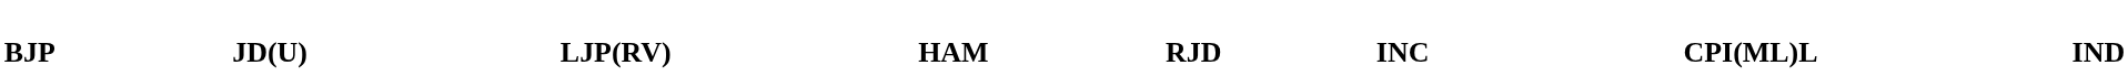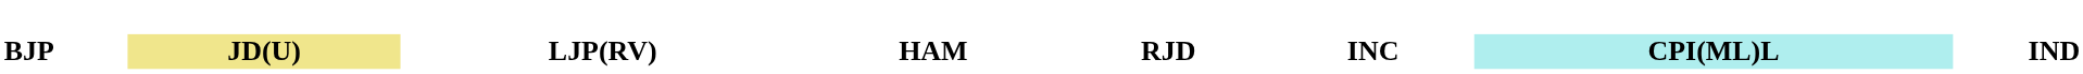 <table style="width:100%; text-align:center;">
 <tr style="color:white;">
 <td style="background:"><strong>12</strong></td>
 <td style="background:"><strong>12</strong></td>
 <td style="background:"><strong>5</strong></td>
 <td style="background:"><span><strong>1</strong></span></td>
 <td style="background:"><strong>4</strong></td>
 <td style="background:"><strong>3</strong></td>
 <td style="background:"><strong>2</strong></td>
 <td style="background:"><span><strong>1</strong></span></td>
 </tr>
 <tr>
 <td><span><strong>BJP</strong></span></td>
-<td><span><strong>JD(U)</strong></span></td>
+<td style="background: khaki;"><span><strong>JD(U)</strong></span></td>
 <td><span><strong>LJP(RV)</strong></span></td>
 <td><span><strong>HAM</strong></span></td>
 <td><span><strong>RJD</strong></span></td>
 <td><span><strong>INC</strong></span></td>
-<td><span><strong>CPI(ML)L</strong></span></td>
+<td style="background: paleturquoise;"><span><strong>CPI(ML)L</strong></span></td>
 <td><span><strong>IND</strong></span></td>
 </tr>
 </table>
